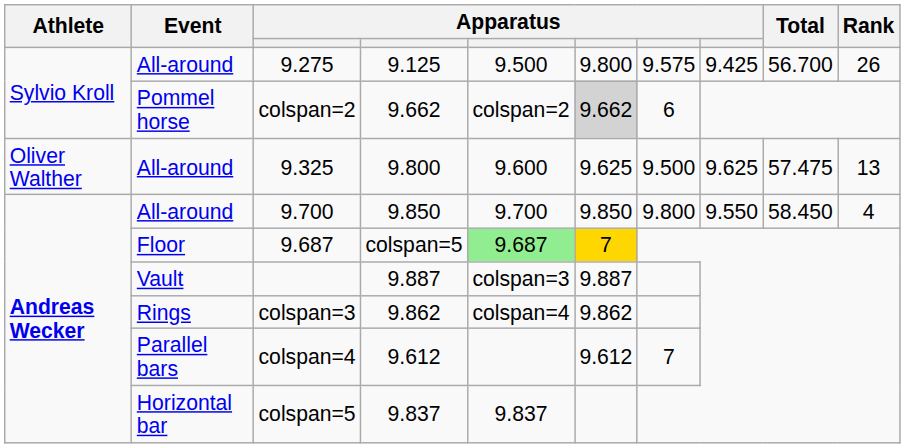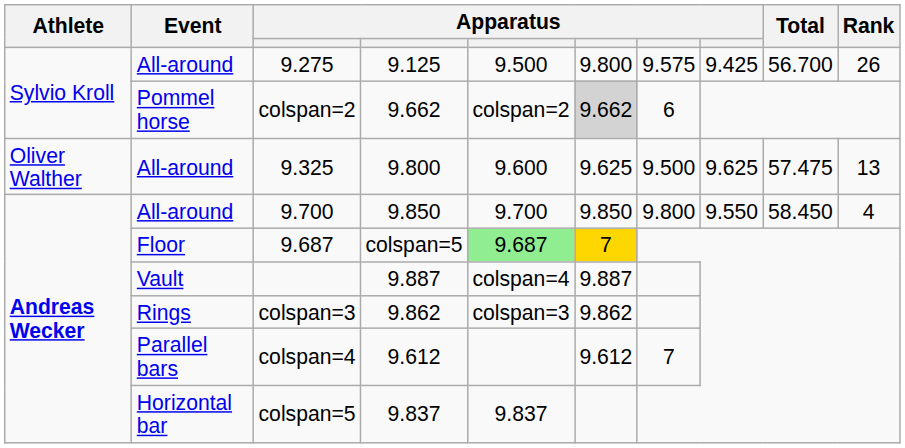 <table class="wikitable" style="font-size:90%">
 <tr>
 <th rowspan=2>Athlete</th>
 <th rowspan=2>Event</th>
 <th colspan=6>Apparatus</th>
 <th rowspan=2>Total</th>
 <th rowspan=2>Rank</th>
 </tr>
 <tr style="font-size:95%">
 <th></th>
 <th></th>
 <th></th>
 <th></th>
 <th></th>
 <th></th>
 </tr>
 <tr align=center>
 <td align=left rowspan=2><a href='#'>Sylvio Kroll</a></td>
 <td align=left><a href='#'>All-around</a></td>
 <td>9.275</td>
 <td>9.125</td>
 <td>9.500</td>
 <td>9.800</td>
 <td>9.575</td>
 <td>9.425</td>
 <td>56.700</td>
 <td>26</td>
 </tr>
 <tr align=center>
 <td align=left><a href='#'>Pommel horse</a></td>
 <td>colspan=2</td>
 <td>9.662</td>
 <td>colspan=2</td>
 <td style="background: lightgrey;">9.662</td>
 <td>6</td>
 </tr>
 <tr align=center>
 <td align=left><a href='#'>Oliver Walther</a></td>
 <td align=left><a href='#'>All-around</a></td>
 <td>9.325</td>
 <td>9.800</td>
 <td>9.600</td>
 <td>9.625</td>
 <td>9.500</td>
 <td>9.625</td>
 <td>57.475</td>
 <td>13</td>
 </tr>
 <tr align=center>
 <td align=left rowspan=6><strong><a href='#'>Andreas Wecker</a></strong></td>
 <td align=left><a href='#'>All-around</a></td>
 <td>9.700</td>
 <td>9.850</td>
 <td>9.700</td>
 <td>9.850</td>
 <td>9.800</td>
 <td>9.550</td>
 <td>58.450</td>
 <td>4</td>
 </tr>
 <tr align=center>
 <td align=left><a href='#'>Floor</a></td>
 <td>9.687</td>
 <td>colspan=5</td>
 <td style="background: lightgreen;">9.687</td>
 <td style="background: gold;">7</td>
 </tr>
 <tr align=center>
 <td align=left><a href='#'>Vault</a></td>
 <td></td>
 <td>9.887</td>
-<td>colspan=3</td>
+<td>colspan=4</td>
 <td>9.887</td>
 <td></td>
 </tr>
 <tr align=center>
 <td align=left><a href='#'>Rings</a></td>
 <td>colspan=3</td>
 <td>9.862</td>
-<td>colspan=4</td>
+<td>colspan=3</td>
 <td>9.862</td>
 <td></td>
 </tr>
 <tr align=center>
 <td align=left><a href='#'>Parallel bars</a></td>
 <td>colspan=4</td>
 <td>9.612</td>
 <td></td>
 <td>9.612</td>
 <td>7</td>
 </tr>
 <tr align=center>
 <td align=left><a href='#'>Horizontal bar</a></td>
 <td>colspan=5</td>
 <td>9.837</td>
 <td>9.837</td>
 <td></td>
 </tr>
 </table>
